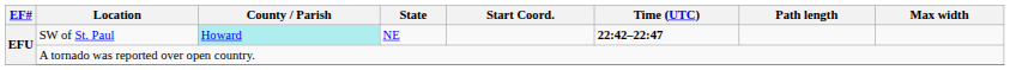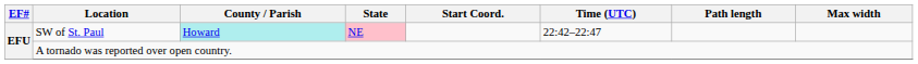 <table class="wikitable sortable" style="width:100%;">
 <tr>
 <th scope="col" width="2%" align="center"><a href='#'>EF#</a></th>
 <th scope="col" align="center" class="unsortable">Location</th>
 <th scope="col" align="center" class="unsortable">County / Parish</th>
 <th scope="col" align="center">State</th>
 <th scope="col" align="center">Start Coord.</th>
 <th scope="col" align="center">Time (<a href='#'>UTC</a>)</th>
 <th scope="col" align="center">Path length</th>
 <th scope="col" align="center">Max width</th>
 </tr>
 <tr>
 <th scope="row" rowspan="2" style="background-color:#">EFU</th>
 <td>SW of <a href='#'>St. Paul</a></td>
 <td style="background: paleturquoise;"><a href='#'>Howard</a></td>
-<td><a href='#'>NE</a></td>
+<td style="background: pink;"><a href='#'>NE</a></td>
 <td></td>
-<td><strong>22:42–22:47</strong></td>
+<td>22:42–22:47</td>
 <td></td>
 <td></td>
 </tr>
 <tr class="expand-child">
 <td colspan="8" style=" border-bottom: 1px solid black;">A tornado was reported over open country.</td>
 </tr>
 <tr>
 </tr>
 </table>
